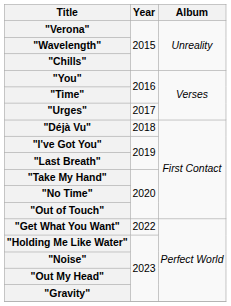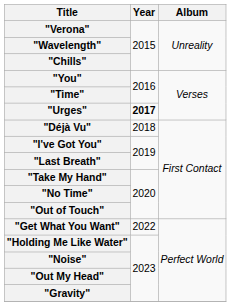 <table class="wikitable plainrowheaders" style="text-align:center;">
 <tr>
 <th>Title</th>
 <th>Year</th>
 <th>Album</th>
 </tr>
 <tr>
 <th scope="row">"Verona"</th>
 <td rowspan="3">2015</td>
 <td rowspan="3"><em>Unreality</em></td>
 </tr>
 <tr>
 <th scope="row">"Wavelength"</th>
 </tr>
 <tr>
 <th scope="row">"Chills"</th>
 </tr>
 <tr>
 <th scope="row">"You"</th>
 <td rowspan="2">2016</td>
 <td rowspan="3"><em>Verses</em></td>
 </tr>
 <tr>
 <th scope="row">"Time"</th>
 </tr>
 <tr>
 <th scope="row">"Urges"</th>
-<td>2017</td>
+<td><strong>2017</strong></td>
 </tr>
 <tr>
 <th scope="row">"Déjà Vu"</th>
 <td>2018</td>
 <td rowspan="6"><em>First Contact</em></td>
 </tr>
 <tr>
 <th scope="row">"I've Got You"</th>
 <td rowspan="2">2019</td>
 </tr>
 <tr>
 <th scope="row">"Last Breath"</th>
 </tr>
 <tr>
 <th scope="row">"Take My Hand"</th>
 <td rowspan="3">2020</td>
 </tr>
 <tr>
 <th scope="row">"No Time"<br></th>
 </tr>
 <tr>
 <th scope="row">"Out of Touch"</th>
 </tr>
 <tr>
 <th scope="row">"Get What You Want"</th>
 <td>2022</td>
 <td rowspan="5"><em>Perfect World</em></td>
 </tr>
 <tr>
 <th scope="row">"Holding Me Like Water"</th>
 <td rowspan="4">2023</td>
 </tr>
 <tr>
 <th scope="row">"Noise"</th>
 </tr>
 <tr>
 <th scope="row">"Out My Head"</th>
 </tr>
 <tr>
 <th scope="row">"Gravity"</th>
 </tr>
 <tr>
 </tr>
 </table>
